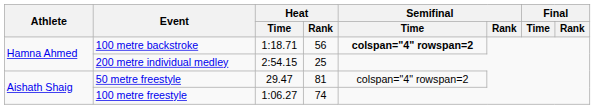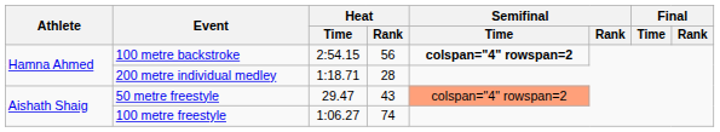 <table class="wikitable" style="text-align:center; font-size:90%; width:50%;">
 <tr>
 <th rowspan="2">Athlete</th>
 <th rowspan="2">Event</th>
 <th colspan="2">Heat</th>
 <th colspan="2">Semifinal</th>
 <th colspan="2">Final</th>
 </tr>
 <tr style="font-size:95%">
 <th>Time</th>
 <th>Rank</th>
 <th>Time</th>
 <th>Rank</th>
 <th>Time</th>
 <th>Rank</th>
 </tr>
 <tr>
 <td align=left rowspan=2><a href='#'>Hamna Ahmed</a></td>
 <td align=left><a href='#'>100 metre backstroke</a></td>
-<td>1:18.71</td>
+<td>2:54.15</td>
 <td>56</td>
 <td><strong>colspan="4" rowspan=2</strong></td>
 </tr>
 <tr>
 <td align=left><a href='#'>200 metre individual medley</a></td>
-<td>2:54.15</td>
-<td>25</td>
+<td>1:18.71</td>
+<td>28</td>
 </tr>
 <tr>
 <td align=left rowspan=2><a href='#'>Aishath Shaig</a></td>
 <td align=left><a href='#'>50 metre freestyle</a></td>
 <td>29.47</td>
-<td>81</td>
-<td>colspan="4" rowspan=2</td>
+<td>43</td>
+<td style="background: lightsalmon;">colspan="4" rowspan=2</td>
 </tr>
 <tr>
 <td align=left><a href='#'>100 metre freestyle</a></td>
 <td>1:06.27</td>
 <td>74</td>
 </tr>
 </table>
